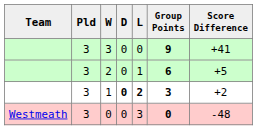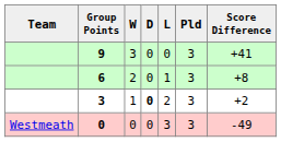 <table style=border-collapse:collapse border=1 cellspacing=0 cellpadding=5>
 <tr align=center bgcolor=#efefef>
 <th>Team</th>
-<th>Pld</th>
+<th><small>Group<br>Points</small></th>
 <th>W</th>
 <th>D</th>
 <th>L</th>
-<th><small>Group<br>Points</small></th>
+<th>Pld</th>
 <th><small>Score<br>Difference</small></th>
 </tr>
 <tr align=center style="background:#cfc;">
 <td style="text-align:left;"> </td>
-<td>3</td>
+<td><strong>9</strong></td>
 <td>3</td>
 <td>0</td>
 <td>0</td>
-<td><strong>9</strong></td>
+<td>3</td>
 <td>+41</td>
 </tr>
 <tr align=center style="background:#cfc;">
 <td style="text-align:left;"> </td>
-<td>3</td>
+<td><strong>6</strong></td>
 <td>2</td>
 <td>0</td>
 <td>1</td>
-<td><strong>6</strong></td>
-<td>+5</td>
+<td>3</td>
+<td>+8</td>
 </tr>
 <tr align=center style="background:#ffffff;">
 <td style="text-align:left;"> </td>
-<td>3</td>
+<td><strong>3</strong></td>
 <td>1</td>
 <td><strong>0</strong></td>
-<td><strong>2</strong></td>
-<td><strong>3</strong></td>
+<td>2</td>
+<td>3</td>
 <td>+2</td>
 </tr>
 <tr align=center style="background:#ffcccc;">
 <td style="text-align:left;"> <a href='#'>Westmeath</a></td>
-<td>3</td>
+<td><strong>0</strong></td>
 <td>0</td>
 <td>0</td>
 <td>3</td>
-<td><strong>0</strong></td>
-<td>-48</td>
+<td>3</td>
+<td>-49</td>
 </tr>
 </table>
